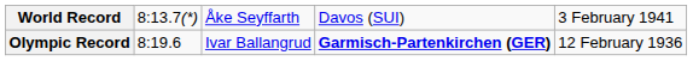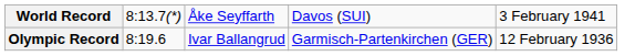 <table class="wikitable" style="font-size:95%;">
 <tr>
 <th>World Record</th>
 <td>8:13.7<em>(*)</em></td>
 <td> <a href='#'>Åke Seyffarth</a></td>
 <td><a href='#'>Davos</a> (<a href='#'>SUI</a>)</td>
 <td>3 February 1941</td>
 </tr>
 <tr>
 <th>Olympic Record</th>
 <td>8:19.6</td>
 <td> <a href='#'>Ivar Ballangrud</a></td>
-<td><strong><a href='#'>Garmisch-Partenkirchen</a> (<a href='#'>GER</a>)</strong></td>
+<td><a href='#'>Garmisch-Partenkirchen</a> (<a href='#'>GER</a>)</td>
 <td>12 February 1936</td>
 </tr>
 </table>
